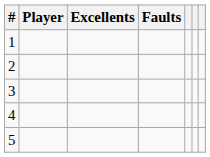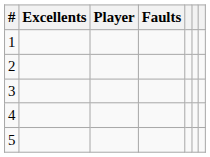 <table class="wikitable sortable" style="text-align:right; display:inline-table; font-size:90%">
 <tr>
 <th>#</th>
+<th>Excellents</th>
 <th>Player</th>
-<th>Excellents</th>
 <th>Faults</th>
 <th></th>
 <th></th>
 <th></th>
 </tr>
 <tr>
 <td align=center>1</td>
+<td align=center></td>
 <td></td>
-<td align=center></td>
 <td align=center></td>
 <td align=center></td>
 <td align=center></td>
 <td align=center></td>
 </tr>
 <tr>
 <td align=center>2</td>
+<td align=center></td>
 <td></td>
-<td align=center></td>
 <td align=center></td>
 <td align=center></td>
 <td align=center></td>
 <td align=center></td>
 </tr>
 <tr>
 <td align=center>3</td>
+<td align=center></td>
 <td></td>
-<td align=center></td>
 <td align=center></td>
 <td align=center></td>
 <td align=center></td>
 <td align=center></td>
 </tr>
 <tr>
 <td align=center>4</td>
+<td align=center></td>
 <td></td>
-<td align=center></td>
 <td align=center></td>
 <td align=center></td>
 <td align=center></td>
 <td align=center></td>
 </tr>
 <tr>
 <td align=center>5</td>
+<td align=center></td>
 <td></td>
-<td align=center></td>
 <td align=center></td>
 <td align=center></td>
 <td align=center></td>
 <td align=center></td>
 </tr>
 </table>
